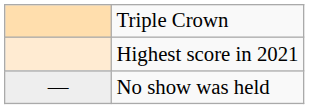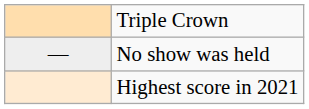 <table class="wikitable">
 <tr>
 <td width="75px" style="font-weight: bold; background: navajowhite;" align="center"></td>
 <td>Triple Crown</td>
 </tr>
 <tr>
+<td width="75px" style="background:#eee;" align="center">—</td>
+<td>No show was held</td>
+</tr>
+<tr>
 <td width="75px" style="background: #ffebd2;"></td>
 <td>Highest score in 2021</td>
 </tr>
-<tr>
-<td width="75px" style="background:#eee;" align="center">—</td>
-<td>No show was held</td>
-</tr>
 </table>
